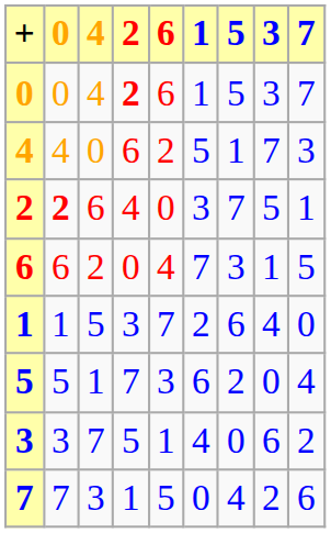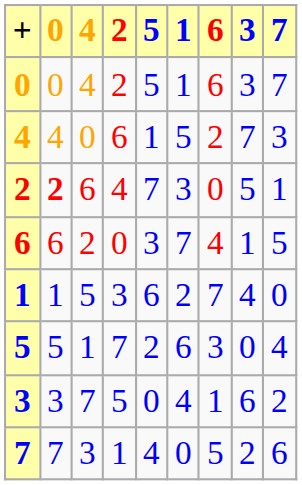 <table class="wikitable" style="color:blue;">
 <tr>
 <th style="background-color:#FFFFAA; color:black;">+</th>
 <th style="background-color:#FFFFAA; color:orange;">0</th>
 <th style="background-color:#FFFFAA; color:orange;">4</th>
 <th style="background-color:#FFFFAA; color:red;">2</th>
+<th style="background-color:#FFFFAA;">5</th>
+<th style="background-color:#FFFFAA;">1</th>
 <th style="background-color:#FFFFAA; color:red;">6</th>
-<th style="background-color:#FFFFAA;">1</th>
-<th style="background-color:#FFFFAA;">5</th>
 <th style="background-color:#FFFFAA;">3</th>
 <th style="background-color:#FFFFAA;">7</th>
 </tr>
 <tr>
 <th style="background:#FFFFAA; color:orange;">0</th>
 <td style="color:orange;">0</td>
 <td style="color:orange;">4</td>
-<td style="color:red;"><strong>2</strong></td>
+<td style="color:red;">2</td>
+<td>5</td>
+<td>1</td>
 <td style="color:red;">6</td>
-<td>1</td>
-<td>5</td>
 <td>3</td>
 <td>7</td>
 </tr>
 <tr>
 <th style="background:#FFFFAA; color:orange;">4</th>
 <td style="color:orange;">4</td>
 <td style="color:orange;">0</td>
 <td style="color:red;">6</td>
+<td>1</td>
+<td>5</td>
 <td style="color:red;">2</td>
-<td>5</td>
-<td>1</td>
 <td>7</td>
 <td>3</td>
 </tr>
 <tr>
 <th style="background:#FFFFAA; color:red;">2</th>
 <td style="color:red;"><strong>2</strong></td>
 <td style="color:red;">6</td>
 <td style="color:red;">4</td>
+<td>7</td>
+<td>3</td>
 <td style="color:red;">0</td>
-<td>3</td>
-<td>7</td>
 <td>5</td>
 <td>1</td>
 </tr>
 <tr>
 <th style="background:#FFFFAA; color:red;">6</th>
 <td style="color:red;">6</td>
 <td style="color:red;">2</td>
 <td style="color:red;">0</td>
+<td>3</td>
+<td>7</td>
 <td style="color:red;">4</td>
-<td>7</td>
-<td>3</td>
 <td>1</td>
 <td>5</td>
 </tr>
 <tr>
 <th style="background-color:#FFFFAA;">1</th>
 <td>1</td>
 <td>5</td>
 <td>3</td>
+<td>6</td>
+<td>2</td>
 <td>7</td>
-<td>2</td>
-<td>6</td>
 <td>4</td>
 <td>0</td>
 </tr>
 <tr>
 <th style="background-color:#FFFFAA;">5</th>
 <td>5</td>
 <td>1</td>
 <td>7</td>
+<td>2</td>
+<td>6</td>
 <td>3</td>
-<td>6</td>
-<td>2</td>
 <td>0</td>
 <td>4</td>
 </tr>
 <tr>
 <th style="background-color:#FFFFAA;">3</th>
 <td>3</td>
 <td>7</td>
 <td>5</td>
+<td>0</td>
+<td>4</td>
 <td>1</td>
-<td>4</td>
-<td>0</td>
 <td>6</td>
 <td>2</td>
 </tr>
 <tr>
 <th style="background-color:#FFFFAA;">7</th>
 <td>7</td>
 <td>3</td>
 <td>1</td>
+<td>4</td>
+<td>0</td>
 <td>5</td>
-<td>0</td>
-<td>4</td>
 <td>2</td>
 <td>6</td>
 </tr>
 </table>
